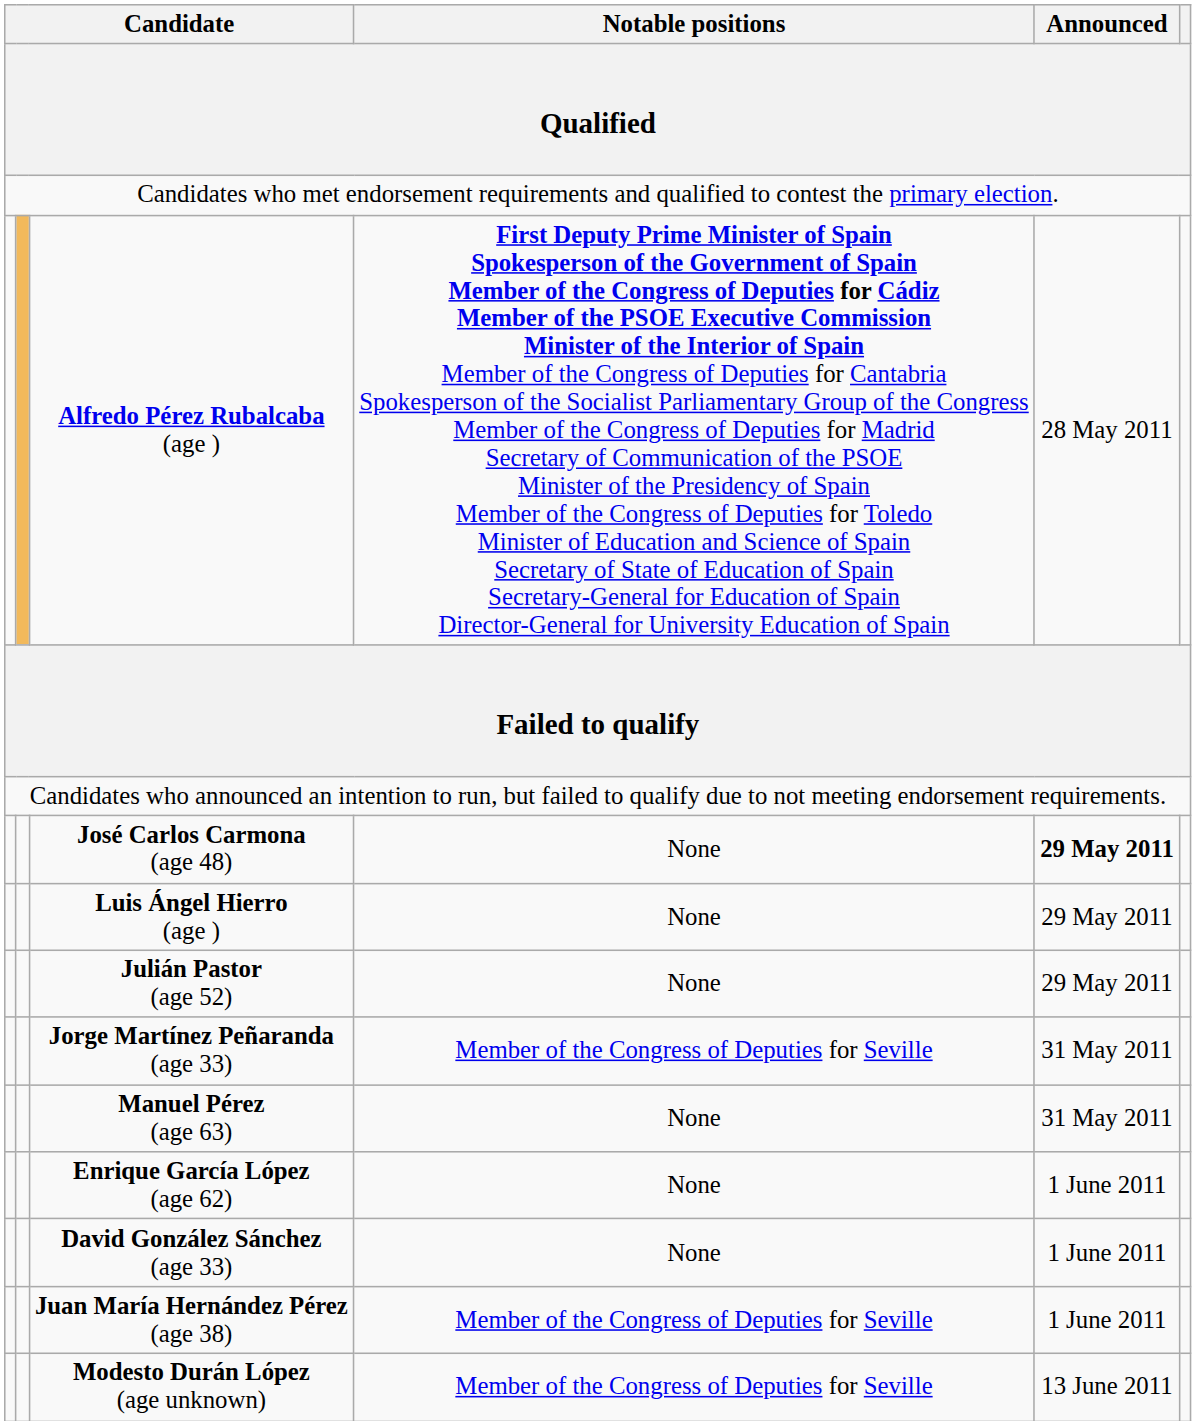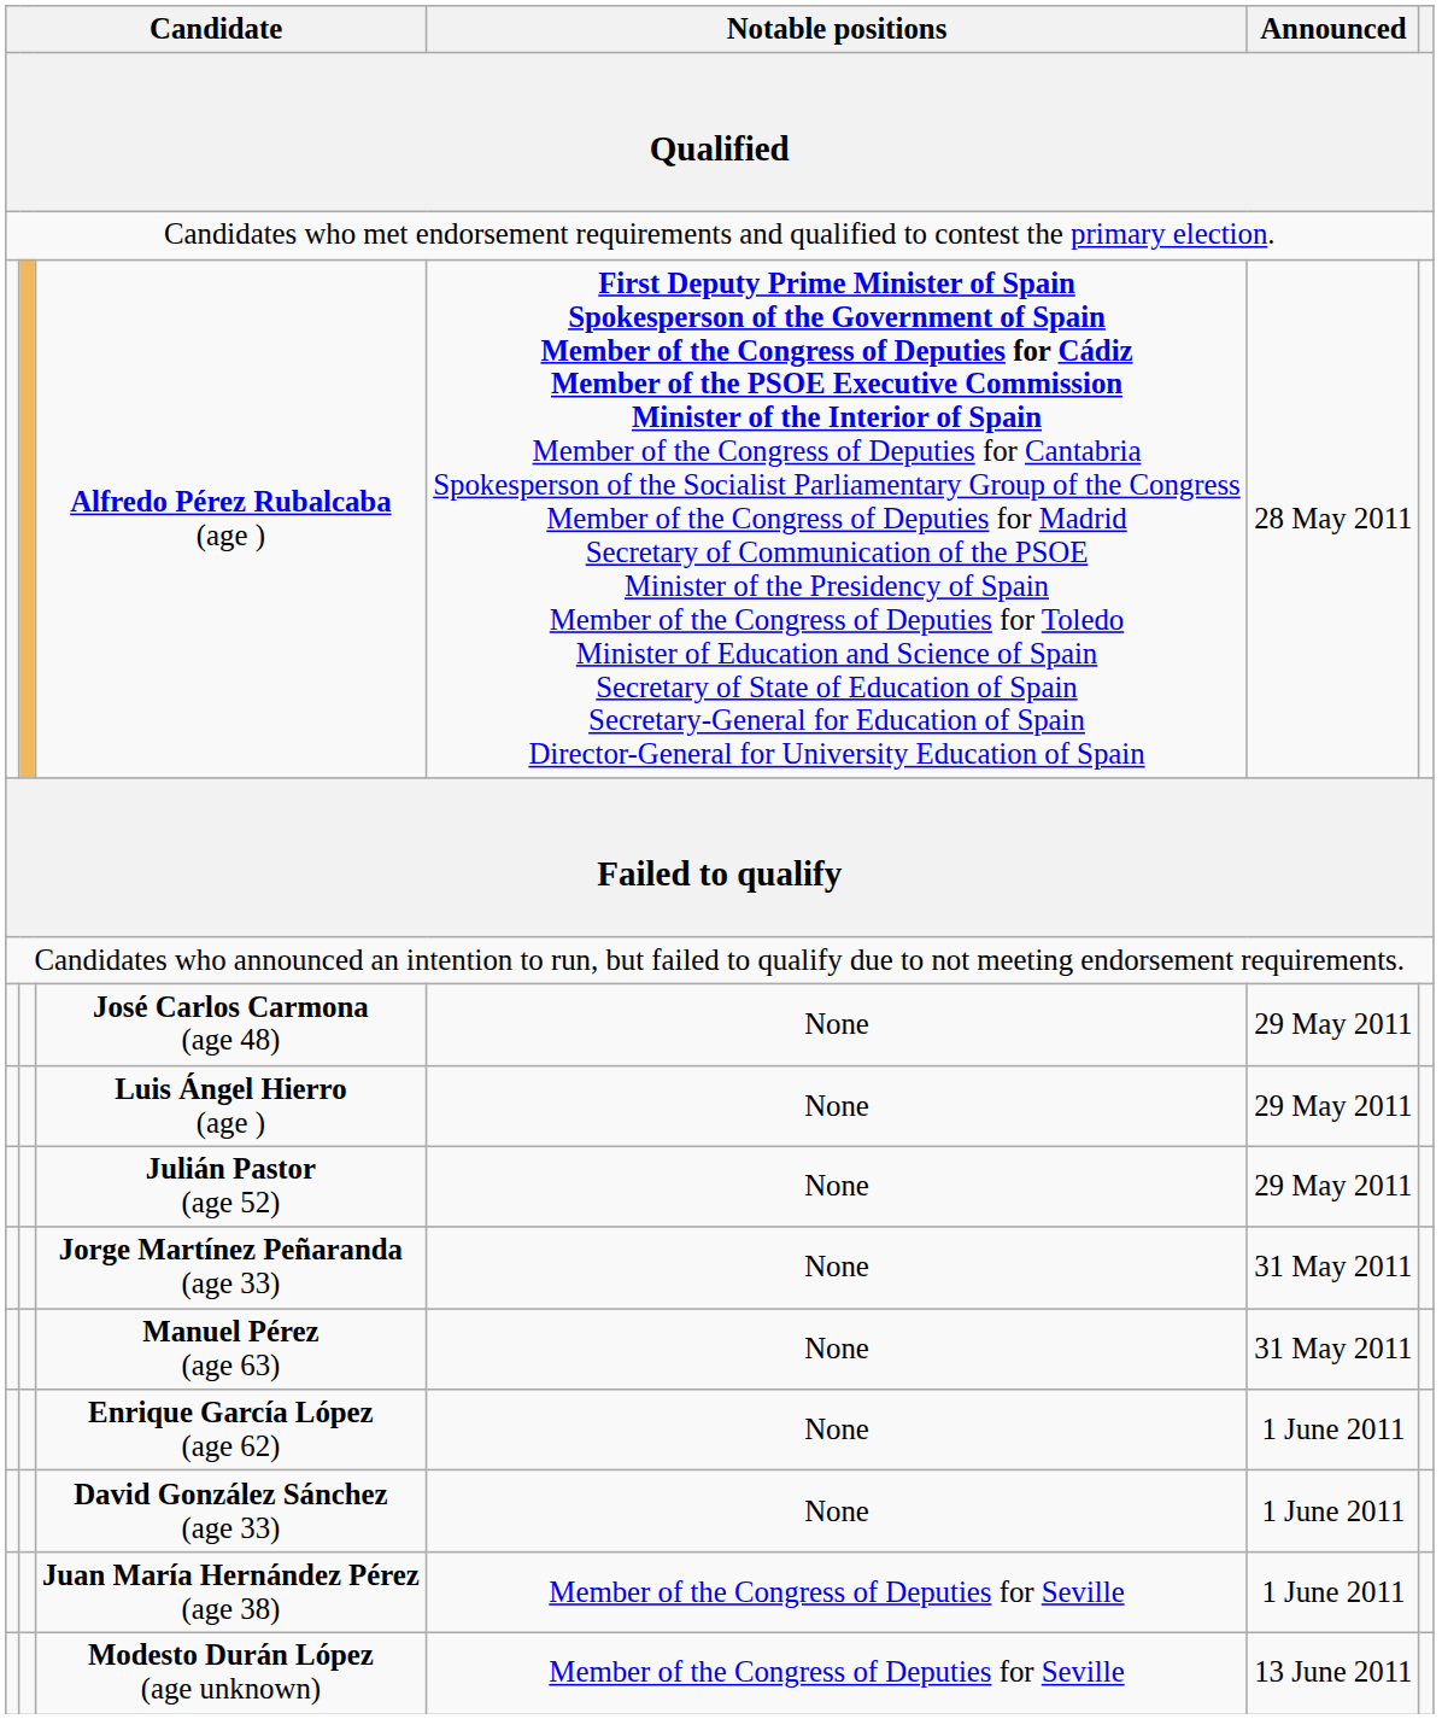 <table class="wikitable" style="text-align:center;">
 <tr>
 <th colspan="3">Candidate</th>
 <th>Notable positions</th>
 <th>Announced</th>
 <th></th>
 </tr>
 <tr>
 <th colspan="6"><br><h3>Qualified</h3></th>
 </tr>
 <tr>
 <td colspan="6">Candidates who met endorsement requirements and qualified to contest the <a href='#'>primary election</a>.</td>
 </tr>
 <tr>
 <td></td>
 <td width="1px" style="color:inherit;background:#F2B95B"></td>
 <td><strong><a href='#'>Alfredo Pérez Rubalcaba</a></strong><br>(age )</td>
 <td><strong><a href='#'>First Deputy Prime Minister of Spain</a> <br><a href='#'>Spokesperson of the Government of Spain</a> <br><a href='#'>Member of the Congress of Deputies</a> for <a href='#'>Cádiz</a> <br><a href='#'>Member of the PSOE Executive Commission</a> <br><a href='#'>Minister of the Interior of Spain</a> </strong><br><a href='#'>Member of the Congress of Deputies</a> for <a href='#'>Cantabria</a> <br><a href='#'>Spokesperson of the Socialist Parliamentary Group of the Congress</a> <br><a href='#'>Member of the Congress of Deputies</a> for <a href='#'>Madrid</a> <br><a href='#'>Secretary of Communication of the PSOE</a> <br><a href='#'>Minister of the Presidency of Spain</a> <br><a href='#'>Member of the Congress of Deputies</a> for <a href='#'>Toledo</a> <br><a href='#'>Minister of Education and Science of Spain</a> <br><a href='#'>Secretary of State of Education of Spain</a> <br><a href='#'>Secretary-General for Education of Spain</a> <br><a href='#'>Director-General for University Education of Spain</a> </td>
 <td>28 May 2011</td>
 <td><br></td>
 </tr>
 <tr>
 <th colspan="6"><br><h3>Failed to qualify</h3></th>
 </tr>
 <tr>
 <td colspan="6">Candidates who announced an intention to run, but failed to qualify due to not meeting endorsement requirements.</td>
 </tr>
 <tr>
 <td></td>
 <td style="color:inherit;background:"></td>
 <td><strong>José Carlos Carmona</strong><br>(age 48)</td>
 <td>None</td>
-<td><strong>29 May 2011</strong></td>
+<td>29 May 2011</td>
 <td><br><br></td>
 </tr>
 <tr>
 <td></td>
 <td style="color:inherit;background:"></td>
 <td><strong>Luis Ángel Hierro</strong><br>(age )</td>
 <td>None</td>
 <td>29 May 2011</td>
 <td><br></td>
 </tr>
 <tr>
 <td></td>
 <td style="color:inherit;background:"></td>
 <td><strong>Julián Pastor</strong><br>(age 52)</td>
 <td>None</td>
 <td>29 May 2011</td>
 <td><br></td>
 </tr>
 <tr>
 <td></td>
 <td style="color:inherit;background:"></td>
 <td><strong>Jorge Martínez Peñaranda</strong><br>(age 33)</td>
-<td><a href='#'>Member of the Congress of Deputies</a> for <a href='#'>Seville</a> </td>
+<td>None</td>
 <td>31 May 2011</td>
 <td><br></td>
 </tr>
 <tr>
 <td></td>
 <td style="color:inherit;background:"></td>
 <td><strong>Manuel Pérez</strong><br>(age 63)</td>
 <td>None</td>
 <td>31 May 2011</td>
 <td><br></td>
 </tr>
 <tr>
 <td></td>
 <td style="color:inherit;background:"></td>
 <td><strong>Enrique García López</strong><br>(age 62)</td>
 <td>None</td>
 <td>1 June 2011</td>
 <td><br></td>
 </tr>
 <tr>
 <td></td>
 <td style="color:inherit;background:"></td>
 <td><strong>David González Sánchez</strong><br>(age 33)</td>
 <td>None</td>
 <td>1 June 2011</td>
 <td><br></td>
 </tr>
 <tr>
 <td></td>
 <td style="color:inherit;background:"></td>
 <td><strong>Juan María Hernández Pérez</strong><br>(age 38)</td>
 <td><a href='#'>Member of the Congress of Deputies</a> for <a href='#'>Seville</a> </td>
 <td>1 June 2011</td>
 <td><br></td>
 </tr>
 <tr>
 <td></td>
 <td style="color:inherit;background:"></td>
 <td><strong>Modesto Durán López</strong><br>(age unknown)</td>
 <td><a href='#'>Member of the Congress of Deputies</a> for <a href='#'>Seville</a> </td>
 <td>13 June 2011</td>
 <td></td>
 </tr>
 </table>
